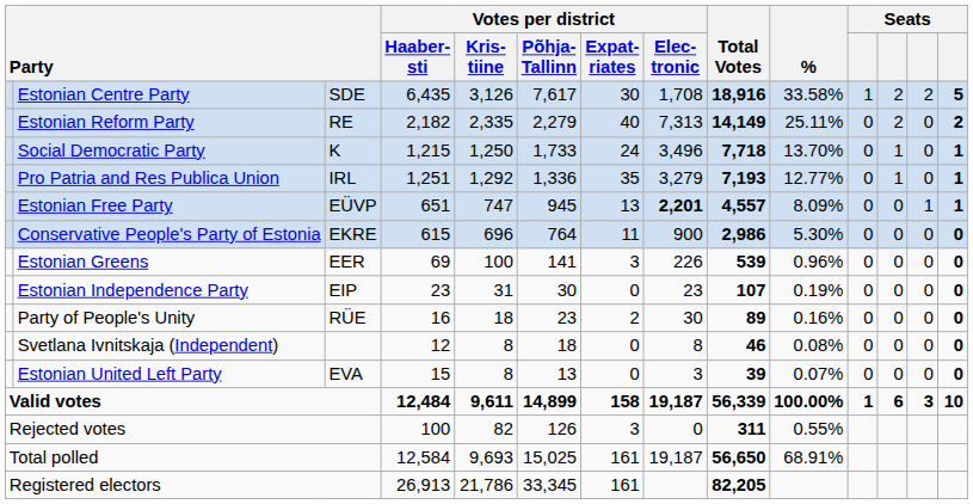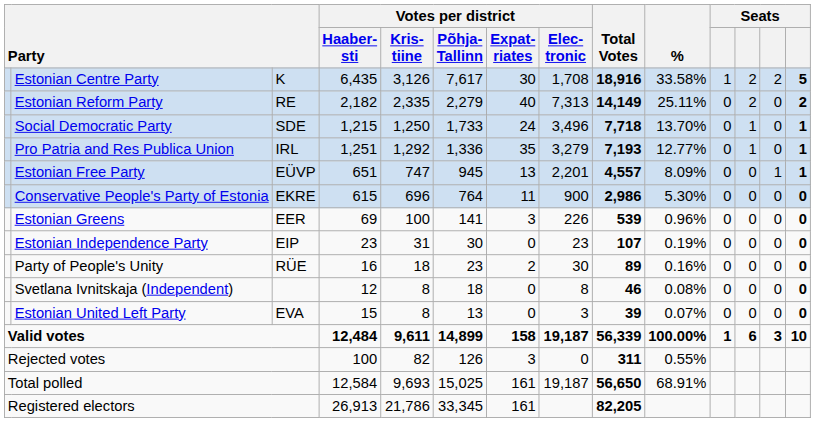 <table class="wikitable" border="1" style="text-align:right;">
 <tr>
 <th style="text-align:left;" valign=bottom rowspan=2 colspan=3>Party</th>
 <th colspan=5>Votes per district</th>
 <th align=center valign=bottom rowspan=2 width="50">Total Votes</th>
 <th align=center valign=bottom rowspan=2 width="50">%</th>
 <th colspan=4>Seats</th>
 </tr>
 <tr>
 <th align=center valign=bottom width="50"><a href='#'>Haaber- sti</a></th>
 <th align=center valign=bottom width="50"><a href='#'>Kris- tiine</a></th>
 <th align=center valign=bottom width="50"><a href='#'>Põhja- Tallinn</a></th>
 <th align=center valign=bottom width="50"><a href='#'>Expat- riates</a></th>
 <th align=center valign=bottom width="50"><a href='#'>Elec- tronic</a></th>
 <th align=center valign=bottom width="20"><small></small></th>
 <th align=center valign=bottom width="20"><small></small></th>
 <th align=center valign=bottom width="20"><small></small></th>
 <th align=center valign=bottom width="20"><small></small></th>
 </tr>
 <tr style="background:#CEE0F2;">
 <td style="background:"></td>
 <td align=left><a href='#'>Estonian Centre Party</a></td>
-<td align=left>SDE</td>
+<td align=left>K</td>
 <td>6,435</td>
 <td>3,126</td>
 <td>7,617</td>
 <td>30</td>
 <td>1,708</td>
 <td><strong>18,916</strong></td>
 <td>33.58%</td>
 <td>1</td>
 <td>2</td>
 <td>2</td>
 <td><strong>5</strong></td>
 </tr>
 <tr style="background:#CEE0F2;">
 <td style="background:"></td>
 <td align=left><a href='#'>Estonian Reform Party</a></td>
 <td align=left>RE</td>
 <td>2,182</td>
 <td>2,335</td>
 <td>2,279</td>
 <td>40</td>
 <td>7,313</td>
 <td><strong>14,149</strong></td>
 <td>25.11%</td>
 <td>0</td>
 <td>2</td>
 <td>0</td>
 <td><strong>2</strong></td>
 </tr>
 <tr style="background:#CEE0F2;">
 <td style="background:"></td>
 <td align=left><a href='#'>Social Democratic Party</a></td>
-<td align=left>K</td>
+<td align=left>SDE</td>
 <td>1,215</td>
 <td>1,250</td>
 <td>1,733</td>
 <td>24</td>
 <td>3,496</td>
 <td><strong>7,718</strong></td>
 <td>13.70%</td>
 <td>0</td>
 <td>1</td>
 <td>0</td>
 <td><strong>1</strong></td>
 </tr>
 <tr style="background:#CEE0F2;">
 <td style="background:"></td>
 <td align=left><a href='#'>Pro Patria and Res Publica Union</a></td>
 <td align=left>IRL</td>
 <td>1,251</td>
 <td>1,292</td>
 <td>1,336</td>
 <td>35</td>
 <td>3,279</td>
 <td><strong>7,193</strong></td>
 <td>12.77%</td>
 <td>0</td>
 <td>1</td>
 <td>0</td>
 <td><strong>1</strong></td>
 </tr>
 <tr style="background:#CEE0F2;">
 <td style="background:"></td>
 <td align=left><a href='#'>Estonian Free Party</a></td>
 <td align=left>EÜVP</td>
 <td>651</td>
 <td>747</td>
 <td>945</td>
 <td>13</td>
-<td><strong>2,201</strong></td>
+<td>2,201</td>
 <td><strong>4,557</strong></td>
 <td>8.09%</td>
 <td>0</td>
 <td>0</td>
 <td>1</td>
 <td><strong>1</strong></td>
 </tr>
 <tr style="background:#CEE0F2;">
 <td style="background:"></td>
 <td align=left><a href='#'>Conservative People's Party of Estonia</a></td>
 <td align=left>EKRE</td>
 <td>615</td>
 <td>696</td>
 <td>764</td>
 <td>11</td>
 <td>900</td>
 <td><strong>2,986</strong></td>
 <td>5.30%</td>
 <td>0</td>
 <td>0</td>
 <td>0</td>
 <td><strong>0</strong></td>
 </tr>
 <tr>
 <td style="background:"></td>
 <td align=left><a href='#'>Estonian Greens</a></td>
 <td align=left>EER</td>
 <td>69</td>
 <td>100</td>
 <td>141</td>
 <td>3</td>
 <td>226</td>
 <td><strong>539</strong></td>
 <td>0.96%</td>
 <td>0</td>
 <td>0</td>
 <td>0</td>
 <td><strong>0</strong></td>
 </tr>
 <tr>
 <td style="background:"></td>
 <td align=left><a href='#'>Estonian Independence Party</a></td>
 <td align=left>EIP</td>
 <td>23</td>
 <td>31</td>
 <td>30</td>
 <td>0</td>
 <td>23</td>
 <td><strong>107</strong></td>
 <td>0.19%</td>
 <td>0</td>
 <td>0</td>
 <td>0</td>
 <td><strong>0</strong></td>
 </tr>
 <tr>
 <td></td>
 <td align=left>Party of People's Unity</td>
 <td align=left>RÜE</td>
 <td>16</td>
 <td>18</td>
 <td>23</td>
 <td>2</td>
 <td>30</td>
 <td><strong>89</strong></td>
 <td>0.16%</td>
 <td>0</td>
 <td>0</td>
 <td>0</td>
 <td><strong>0</strong></td>
 </tr>
 <tr>
 <td style="background:"></td>
 <td align=left>Svetlana Ivnitskaja (<a href='#'>Independent</a>)</td>
 <td></td>
 <td>12</td>
 <td>8</td>
 <td>18</td>
 <td>0</td>
 <td>8</td>
 <td><strong>46</strong></td>
 <td>0.08%</td>
 <td>0</td>
 <td>0</td>
 <td>0</td>
 <td><strong>0</strong></td>
 </tr>
 <tr>
 <td style="background:"></td>
 <td align=left><a href='#'>Estonian United Left Party</a></td>
 <td align=left>EVA</td>
 <td>15</td>
 <td>8</td>
 <td>13</td>
 <td>0</td>
 <td>3</td>
 <td><strong>39</strong></td>
 <td>0.07%</td>
 <td>0</td>
 <td>0</td>
 <td>0</td>
 <td><strong>0</strong></td>
 </tr>
 <tr style="font-weight:bold">
 <td align=left colspan=3>Valid votes</td>
 <td>12,484</td>
 <td>9,611</td>
 <td>14,899</td>
 <td>158</td>
 <td>19,187</td>
 <td>56,339</td>
 <td>100.00%</td>
 <td>1</td>
 <td>6</td>
 <td>3</td>
 <td>10</td>
 </tr>
 <tr>
 <td align=left colspan=3>Rejected votes</td>
 <td>100</td>
 <td>82</td>
 <td>126</td>
 <td>3</td>
 <td>0</td>
 <td><strong>311</strong></td>
 <td>0.55%</td>
 <td></td>
 <td></td>
 <td></td>
 <td></td>
 </tr>
 <tr>
 <td align=left colspan=3>Total polled</td>
 <td>12,584</td>
 <td>9,693</td>
 <td>15,025</td>
 <td>161</td>
 <td>19,187</td>
 <td><strong>56,650</strong></td>
 <td>68.91%</td>
 <td></td>
 <td></td>
 <td></td>
 <td></td>
 </tr>
 <tr>
 <td align=left colspan=3>Registered electors</td>
 <td>26,913</td>
 <td>21,786</td>
 <td>33,345</td>
 <td>161</td>
 <td></td>
 <td><strong>82,205</strong></td>
 <td></td>
 <td></td>
 <td></td>
 <td></td>
 <td></td>
 </tr>
 </table>
